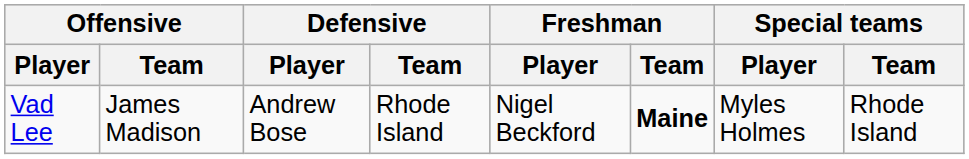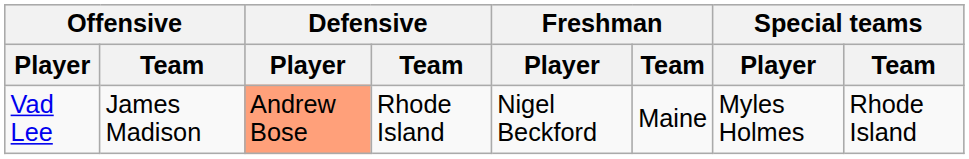 <table class="wikitable" border="1">
 <tr>
 <th colspan="2">Offensive</th>
 <th colspan="2">Defensive</th>
 <th colspan="2">Freshman</th>
 <th colspan="2">Special teams</th>
 </tr>
 <tr>
 <th>Player</th>
 <th>Team</th>
 <th>Player</th>
 <th>Team</th>
 <th>Player</th>
 <th>Team</th>
 <th>Player</th>
 <th>Team</th>
 </tr>
 <tr>
 <td><a href='#'>Vad Lee</a></td>
 <td>James Madison</td>
-<td>Andrew Bose</td>
+<td style="background: lightsalmon;">Andrew Bose</td>
 <td>Rhode Island</td>
 <td>Nigel Beckford</td>
-<td><strong>Maine</strong></td>
+<td>Maine</td>
 <td>Myles Holmes</td>
 <td>Rhode Island</td>
 </tr>
 </table>
